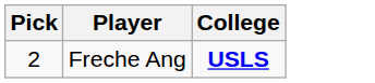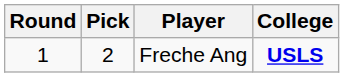 <table class="wikitable sortable sortable">
 <tr>
+<th>Round</th>
 <th>Pick</th>
 <th>Player</th>
 <th>College</th>
 </tr>
 <tr style="text-align: center">
+<td align="center">1</td>
 <td align="center">2</td>
 <td>Freche Ang</td>
 <td><strong><a href='#'>USLS</a></strong></td>
 </tr>
 </table>
